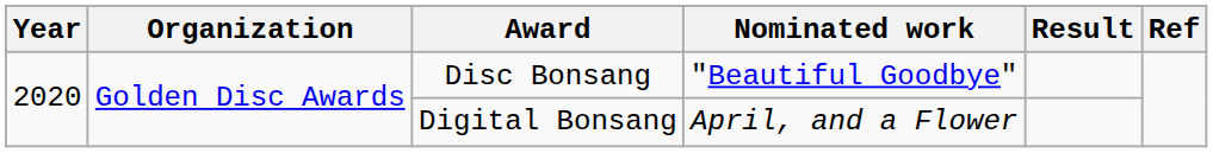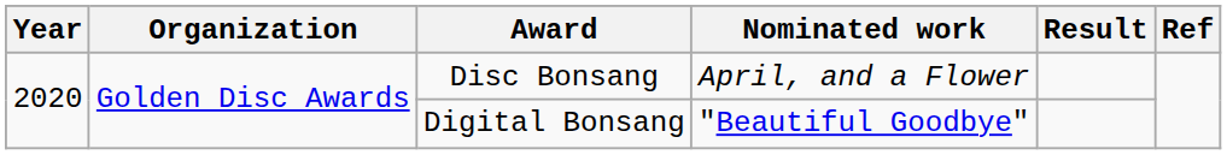 <table class="sortable wikitable">
 <tr>
 <th>Year</th>
 <th>Organization</th>
 <th>Award</th>
 <th>Nominated work</th>
 <th>Result</th>
 <th>Ref</th>
 </tr>
 <tr>
 <td align="center" rowspan="2">2020</td>
 <td align="center" rowspan="2"><a href='#'>Golden Disc Awards</a></td>
 <td align="center">Disc Bonsang</td>
-<td align="center">"<a href='#'>Beautiful Goodbye</a>"</td>
+<td align="center"><em>April, and a Flower</em></td>
 <td></td>
 <td align="center" rowspan="2"></td>
 </tr>
 <tr>
 <td align="center">Digital Bonsang</td>
-<td align="center"><em>April, and a Flower</em></td>
+<td align="center">"<a href='#'>Beautiful Goodbye</a>"</td>
 <td></td>
 </tr>
 </table>
